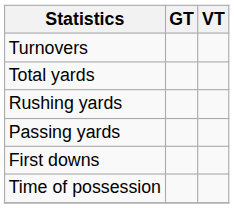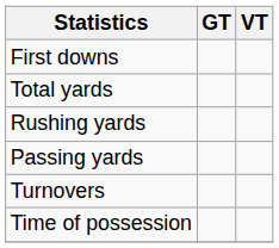 <table class="wikitable" style="float: left;">
 <tr>
 <th>Statistics</th>
 <th>GT</th>
 <th>VT</th>
 </tr>
 <tr>
-<td>Turnovers</td>
+<td>First downs</td>
 <td></td>
 <td></td>
 </tr>
 <tr>
 <td>Total yards</td>
 <td></td>
 <td></td>
 </tr>
 <tr>
 <td>Rushing yards</td>
 <td></td>
 <td></td>
 </tr>
 <tr>
 <td>Passing yards</td>
 <td></td>
 <td></td>
 </tr>
 <tr>
-<td>First downs</td>
+<td>Turnovers</td>
 <td></td>
 <td></td>
 </tr>
 <tr>
 <td>Time of possession</td>
 <td></td>
 <td></td>
 </tr>
 <tr>
 </tr>
 </table>
